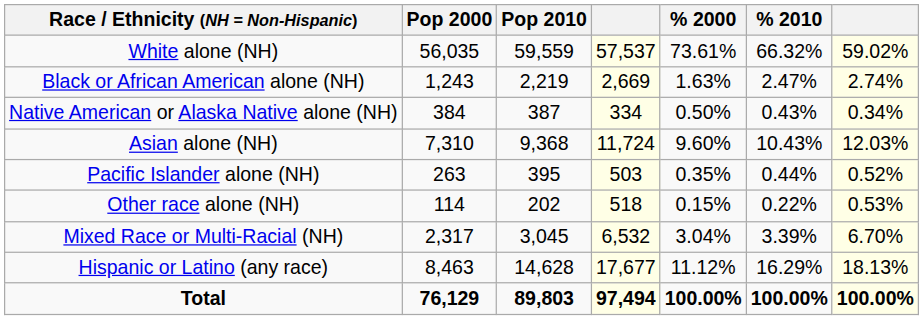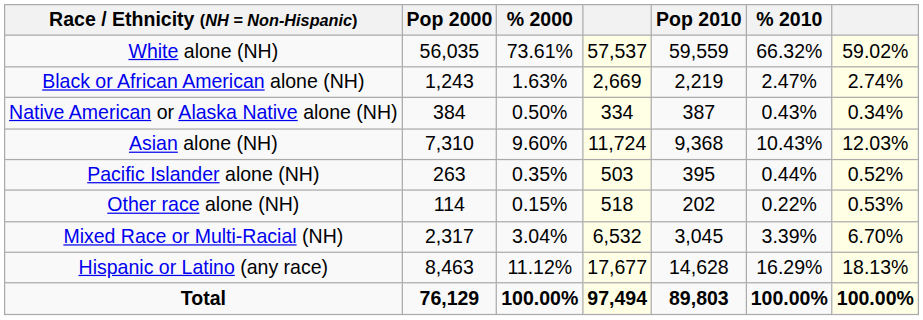 <table class="wikitable" style="text-align:center;">
 <tr>
 <th>Race / Ethnicity <small>(<em>NH = Non-Hispanic</em>)</small></th>
 <th>Pop 2000</th>
+<th>% 2000</th>
+<th></th>
 <th>Pop 2010</th>
-<th></th>
-<th>% 2000</th>
 <th>% 2010</th>
 <th></th>
 </tr>
 <tr>
 <td><a href='#'>White</a> alone (NH)</td>
 <td>56,035</td>
+<td>73.61%</td>
+<td style='background: #ffffe6;'>57,537</td>
 <td>59,559</td>
-<td style='background: #ffffe6;'>57,537</td>
-<td>73.61%</td>
 <td>66.32%</td>
 <td style='background: #ffffe6;'>59.02%</td>
 </tr>
 <tr>
 <td><a href='#'>Black or African American</a> alone (NH)</td>
 <td>1,243</td>
+<td>1.63%</td>
+<td style='background: #ffffe6;'>2,669</td>
 <td>2,219</td>
-<td style='background: #ffffe6;'>2,669</td>
-<td>1.63%</td>
 <td>2.47%</td>
 <td style='background: #ffffe6;'>2.74%</td>
 </tr>
 <tr>
 <td><a href='#'>Native American</a> or <a href='#'>Alaska Native</a> alone (NH)</td>
 <td>384</td>
+<td>0.50%</td>
+<td style='background: #ffffe6;'>334</td>
 <td>387</td>
-<td style='background: #ffffe6;'>334</td>
-<td>0.50%</td>
 <td>0.43%</td>
 <td style='background: #ffffe6;'>0.34%</td>
 </tr>
 <tr>
 <td><a href='#'>Asian</a> alone (NH)</td>
 <td>7,310</td>
+<td>9.60%</td>
+<td style='background: #ffffe6;'>11,724</td>
 <td>9,368</td>
-<td style='background: #ffffe6;'>11,724</td>
-<td>9.60%</td>
 <td>10.43%</td>
 <td style='background: #ffffe6;'>12.03%</td>
 </tr>
 <tr>
 <td><a href='#'>Pacific Islander</a> alone (NH)</td>
 <td>263</td>
+<td>0.35%</td>
+<td style='background: #ffffe6;'>503</td>
 <td>395</td>
-<td style='background: #ffffe6;'>503</td>
-<td>0.35%</td>
 <td>0.44%</td>
 <td style='background: #ffffe6;'>0.52%</td>
 </tr>
 <tr>
 <td><a href='#'>Other race</a> alone (NH)</td>
 <td>114</td>
+<td>0.15%</td>
+<td style='background: #ffffe6;'>518</td>
 <td>202</td>
-<td style='background: #ffffe6;'>518</td>
-<td>0.15%</td>
 <td>0.22%</td>
 <td style='background: #ffffe6;'>0.53%</td>
 </tr>
 <tr>
 <td><a href='#'>Mixed Race or Multi-Racial</a> (NH)</td>
 <td>2,317</td>
+<td>3.04%</td>
+<td style='background: #ffffe6;'>6,532</td>
 <td>3,045</td>
-<td style='background: #ffffe6;'>6,532</td>
-<td>3.04%</td>
 <td>3.39%</td>
 <td style='background: #ffffe6;'>6.70%</td>
 </tr>
 <tr>
 <td><a href='#'>Hispanic or Latino</a> (any race)</td>
 <td>8,463</td>
+<td>11.12%</td>
+<td style='background: #ffffe6;'>17,677</td>
 <td>14,628</td>
-<td style='background: #ffffe6;'>17,677</td>
-<td>11.12%</td>
 <td>16.29%</td>
 <td style='background: #ffffe6;'>18.13%</td>
 </tr>
 <tr>
 <td><strong>Total</strong></td>
 <td><strong>76,129</strong></td>
+<td><strong>100.00%</strong></td>
+<td style='background: #ffffe6;'><strong>97,494</strong></td>
 <td><strong>89,803</strong></td>
-<td style='background: #ffffe6;'><strong>97,494</strong></td>
-<td><strong>100.00%</strong></td>
 <td><strong>100.00%</strong></td>
 <td style='background: #ffffe6;'><strong>100.00%</strong></td>
 </tr>
 </table>
